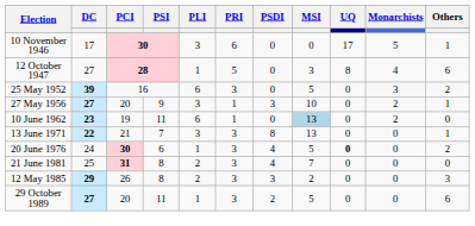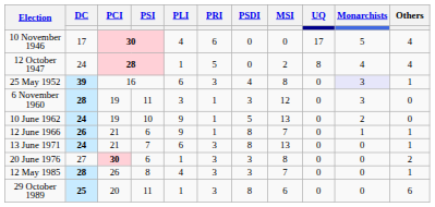 <table class="wikitable" style="text-align:center;font-size:85%;line-height:13px">
 <tr style="height:30px; background-color:#E9E9E9">
 <th style="width:110px;" rowspan="2"><a href='#'>Election</a></th>
 <th style="width:65px;"><a href='#'>DC</a></th>
 <th style="width:65px;"><a href='#'>PCI</a></th>
 <th style="width:65px;"><a href='#'>PSI</a></th>
 <th style="width:65px;"><a href='#'>PLI</a></th>
 <th style="width:65px;"><a href='#'>PRI</a></th>
 <th style="width:65px;"><a href='#'>PSDI</a></th>
 <th style="width:65px;"><a href='#'>MSI</a></th>
 <th style="width:65px;"><a href='#'>UQ</a></th>
 <th style="width:65px;"><a href='#'>Monarchists</a></th>
 <th style="width:65px;">Others</th>
 </tr>
 <tr>
 <th style="background:"></th>
 <th style="background:"></th>
 <th style="background:"></th>
 <th style="background:"></th>
 <th style="background:"></th>
 <th style="background:"></th>
 <th style="background:"></th>
 <th style="background:#00008B;"></th>
 <th style="background:royalblue;"></th>
 <th style="background:"></th>
 </tr>
 <tr>
 <td>10 November 1946</td>
 <td>17</td>
 <td colspan=2 style="background:#FFD0D7"><strong>30</strong></td>
-<td>3</td>
+<td>4</td>
 <td>6</td>
 <td>0</td>
 <td>0</td>
 <td>17</td>
 <td>5</td>
-<td>1</td>
+<td>4</td>
 </tr>
 <tr>
 <td>12 October 1947</td>
-<td>27</td>
+<td>24</td>
 <td colspan=2 style="background:#FFD0D7"><strong>28</strong></td>
 <td>1</td>
 <td>5</td>
 <td>0</td>
-<td>3</td>
+<td>2</td>
 <td>8</td>
 <td>4</td>
-<td>6</td>
+<td>4</td>
 </tr>
 <tr>
 <td>25 May 1952</td>
 <td style="background:#C8EBFF"><strong>39</strong></td>
 <td colspan=2>16</td>
 <td>6</td>
 <td>3</td>
+<td>4</td>
+<td>8</td>
 <td>0</td>
-<td>5</td>
-<td>0</td>
-<td>3</td>
-<td>2</td>
+<td style="background: lavender;">3</td>
+<td>1</td>
 </tr>
 <tr>
-<td>27 May 1956</td>
-<td style="background:#C8EBFF"><strong>27</strong></td>
-<td>20</td>
-<td>9</td>
+<td>6 November 1960</td>
+<td style="background:#C8EBFF"><strong>28</strong></td>
+<td>19</td>
+<td>11</td>
 <td>3</td>
 <td>1</td>
 <td>3</td>
-<td>10</td>
+<td>12</td>
 <td>0</td>
-<td>2</td>
-<td>1</td>
+<td>3</td>
+<td>0</td>
 </tr>
 <tr>
 <td>10 June 1962</td>
-<td style="background:#C8EBFF"><strong>23</strong></td>
+<td style="background:#C8EBFF"><strong>24</strong></td>
 <td>19</td>
-<td>11</td>
-<td>6</td>
+<td>10</td>
+<td>9</td>
 <td>1</td>
-<td>0</td>
-<td style="background: lightblue;">13</td>
+<td>5</td>
+<td>13</td>
 <td>0</td>
 <td>2</td>
 <td>0</td>
 </tr>
 <tr>
+<td>12 June 1966</td>
+<td style="background:#C8EBFF"><strong>26</strong></td>
+<td>21</td>
+<td>6</td>
+<td>9</td>
+<td>1</td>
+<td>8</td>
+<td>7</td>
+<td>0</td>
+<td>1</td>
+<td>1</td>
+</tr>
+<tr>
 <td>13 June 1971</td>
-<td style="background:#C8EBFF"><strong>22</strong></td>
+<td style="background:#C8EBFF"><strong>24</strong></td>
 <td>21</td>
 <td>7</td>
-<td>3</td>
+<td>6</td>
 <td>3</td>
 <td>8</td>
 <td>13</td>
 <td>0</td>
 <td>0</td>
 <td>1</td>
 </tr>
 <tr>
 <td>20 June 1976</td>
-<td>24</td>
+<td>27</td>
 <td style="background:#FFD0D7"><strong>30</strong></td>
 <td>6</td>
 <td>1</td>
 <td>3</td>
-<td>4</td>
-<td>5</td>
-<td><strong>0</strong></td>
+<td>3</td>
+<td>8</td>
+<td>0</td>
 <td>0</td>
 <td>2</td>
 </tr>
 <tr>
-<td>21 June 1981</td>
-<td>25</td>
-<td style="background:#FFD0D7"><strong>31</strong></td>
+<td>12 May 1985</td>
+<td style="background:#C8EBFF"><strong>28</strong></td>
+<td>26</td>
 <td>8</td>
-<td>2</td>
+<td>4</td>
 <td>3</td>
-<td>4</td>
+<td>3</td>
 <td>7</td>
 <td>0</td>
 <td>0</td>
-<td>0</td>
-</tr>
-<tr>
-<td>12 May 1985</td>
-<td style="background:#C8EBFF"><strong>29</strong></td>
-<td>26</td>
-<td>8</td>
-<td>2</td>
-<td>3</td>
-<td>3</td>
-<td>2</td>
-<td>0</td>
-<td>0</td>
-<td>3</td>
+<td>1</td>
 </tr>
 <tr>
 <td>29 October 1989</td>
-<td style="background:#C8EBFF"><strong>27</strong></td>
+<td style="background:#C8EBFF"><strong>25</strong></td>
 <td>20</td>
 <td>11</td>
 <td>1</td>
 <td>3</td>
-<td>2</td>
-<td>5</td>
+<td>8</td>
+<td>6</td>
 <td>0</td>
 <td>0</td>
 <td>6</td>
 </tr>
 </table>
